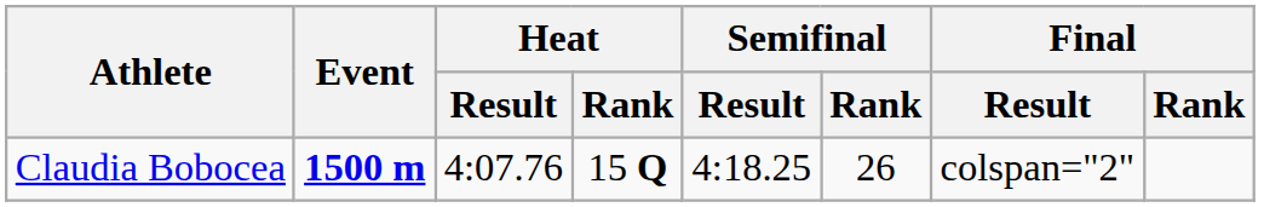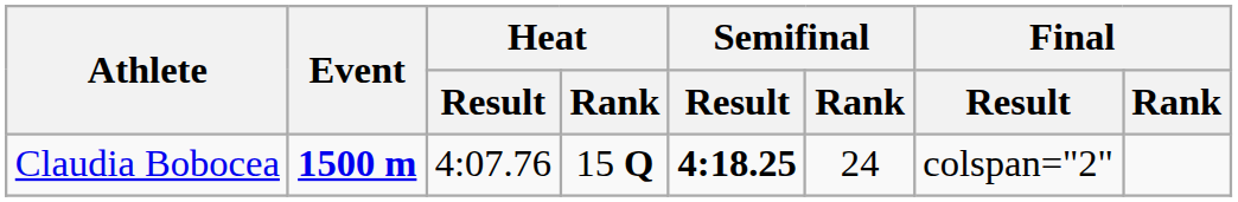 <table class="wikitable" style="font-size:90%">
 <tr>
 <th rowspan="2">Athlete</th>
 <th rowspan="2">Event</th>
 <th colspan="2">Heat</th>
 <th colspan="2">Semifinal</th>
 <th colspan="2">Final</th>
 </tr>
 <tr>
 <th>Result</th>
 <th>Rank</th>
 <th>Result</th>
 <th>Rank</th>
 <th>Result</th>
 <th>Rank</th>
 </tr>
 <tr style=text-align:center>
 <td style=text-align:left><a href='#'>Claudia Bobocea</a></td>
 <td style=text-align:left><strong><a href='#'>1500 m</a></strong></td>
 <td>4:07.76</td>
 <td>15 <strong>Q</strong></td>
-<td>4:18.25</td>
-<td>26</td>
+<td><strong>4:18.25</strong></td>
+<td>24</td>
 <td>colspan="2" </td>
 </tr>
 </table>
